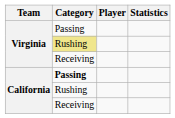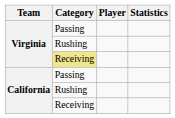 <table class="wikitable" style="float:right">
 <tr>
 <th>Team</th>
 <th>Category</th>
 <th>Player</th>
 <th>Statistics</th>
 </tr>
 <tr>
 <th rowspan=3>Virginia</th>
 <td>Passing</td>
 <td></td>
 <td></td>
 </tr>
 <tr>
-<td style="background: khaki;">Rushing</td>
+<td>Rushing</td>
 <td></td>
 <td></td>
 </tr>
 <tr>
-<td>Receiving</td>
+<td style="background: khaki;">Receiving</td>
 <td></td>
 <td></td>
 </tr>
 <tr>
 <th rowspan=3>California</th>
-<td><strong>Passing</strong></td>
+<td>Passing</td>
 <td></td>
 <td></td>
 </tr>
 <tr>
 <td>Rushing</td>
 <td></td>
 <td></td>
 </tr>
 <tr>
 <td>Receiving</td>
 <td></td>
 <td></td>
 </tr>
 </table>
